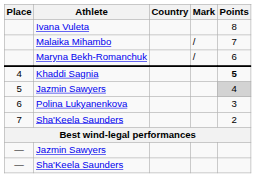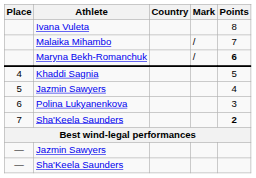 <table class="wikitable">
 <tr>
 <th>Place</th>
 <th>Athlete</th>
 <th>Country</th>
 <th>Mark</th>
 <th>Points</th>
 </tr>
 <tr>
 <td align=center></td>
 <td><a href='#'>Ivana Vuleta</a></td>
 <td></td>
 <td> </td>
 <td align=center>8</td>
 </tr>
 <tr>
 <td align=center></td>
 <td><a href='#'>Malaika Mihambo</a></td>
 <td></td>
 <td>  /<br><em> </em></td>
 <td align=center>7</td>
 </tr>
 <tr>
 <td align=center></td>
 <td><a href='#'>Maryna Bekh-Romanchuk</a></td>
 <td></td>
 <td> /<br><em> </em></td>
-<td align=center>6</td>
+<td align=center><strong>6</strong></td>
 </tr>
 <tr style="border-top:3px solid black;">
 <td align=center>4</td>
 <td><a href='#'>Khaddi Sagnia</a></td>
 <td></td>
 <td> </td>
-<td align=center><strong>5</strong></td>
+<td align=center>5</td>
 </tr>
 <tr>
 <td align=center>5</td>
 <td><a href='#'>Jazmin Sawyers</a></td>
 <td></td>
 <td> </td>
-<td align=center style="background: lightgrey;">4</td>
+<td align=center>4</td>
 </tr>
 <tr>
 <td align=center>6</td>
 <td><a href='#'>Polina Lukyanenkova</a></td>
 <td></td>
 <td> </td>
 <td align=center>3</td>
 </tr>
 <tr>
 <td align=center>7</td>
 <td><a href='#'>Sha'Keela Saunders</a></td>
 <td></td>
 <td> </td>
-<td align=center>2</td>
+<td align=center><strong>2</strong></td>
 </tr>
 <tr>
 <th align=center colspan=5>Best wind-legal performances</th>
 </tr>
 <tr>
 <td align=center>—</td>
 <td><a href='#'>Jazmin Sawyers</a></td>
 <td></td>
 <td> </td>
 <td align=center></td>
 </tr>
 <tr>
 <td align=center>—</td>
 <td><a href='#'>Sha'Keela Saunders</a></td>
 <td></td>
 <td> </td>
 <td align=center></td>
 </tr>
 </table>
